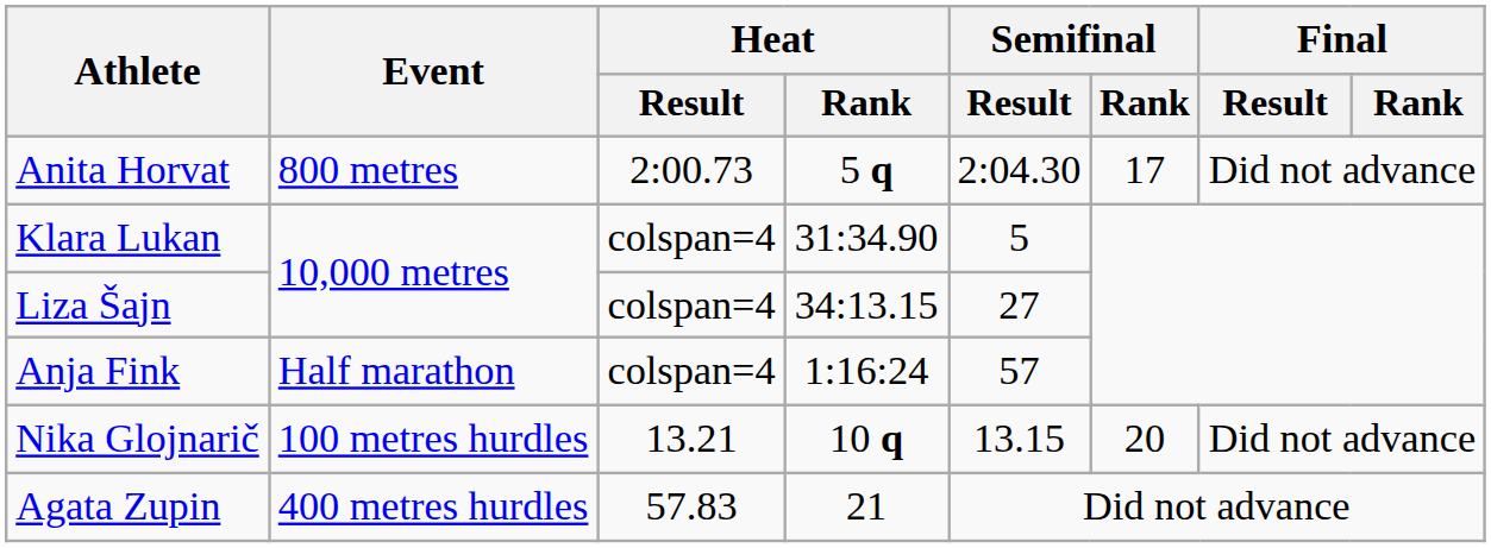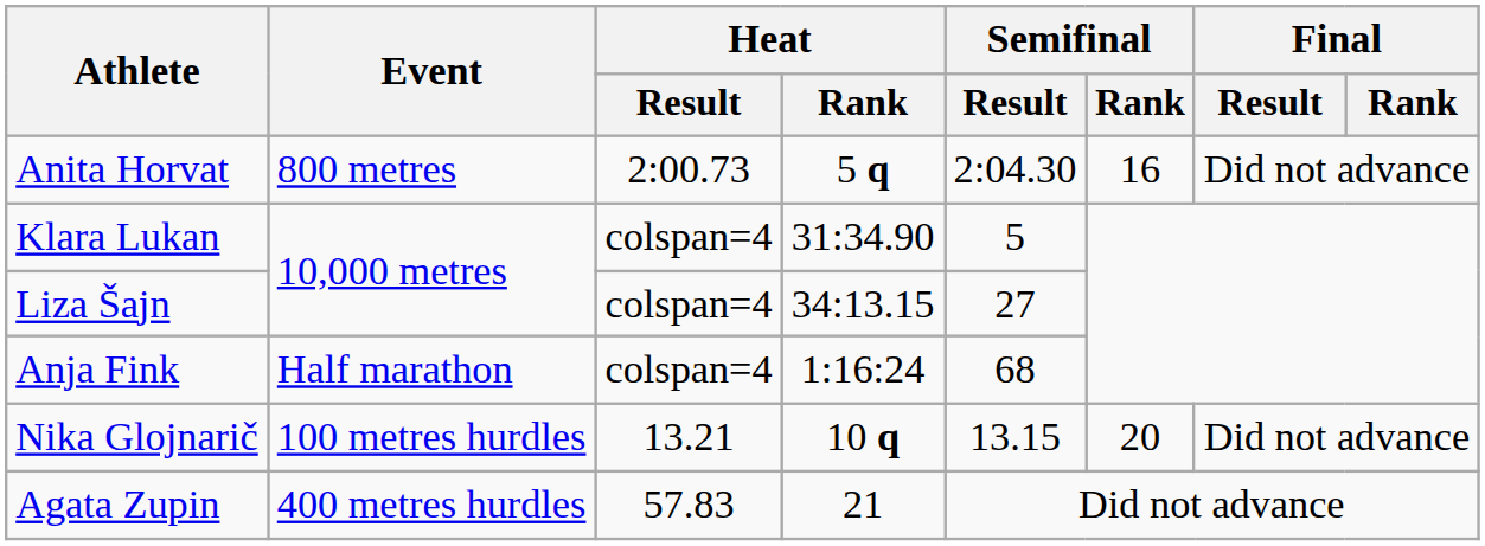 <table class=wikitable style=font-size:90%>
 <tr>
 <th rowspan=2>Athlete</th>
 <th rowspan=2>Event</th>
 <th colspan=2>Heat</th>
 <th colspan=2>Semifinal</th>
 <th colspan=2>Final</th>
 </tr>
 <tr style=font-size:95%>
 <th>Result</th>
 <th>Rank</th>
 <th>Result</th>
 <th>Rank</th>
 <th>Result</th>
 <th>Rank</th>
 </tr>
 <tr align=center>
 <td align=left><a href='#'>Anita Horvat</a></td>
 <td align=left><a href='#'>800 metres</a></td>
 <td>2:00.73</td>
 <td>5 <strong>q</strong></td>
 <td>2:04.30</td>
-<td>17</td>
+<td>16</td>
 <td colspan=2>Did not advance</td>
 </tr>
 <tr align=center>
 <td align=left><a href='#'>Klara Lukan</a></td>
 <td rowspan=2 align=left><a href='#'>10,000 metres</a></td>
 <td>colspan=4</td>
 <td>31:34.90</td>
 <td>5</td>
 </tr>
 <tr align=center>
 <td align=left><a href='#'>Liza Šajn</a></td>
 <td>colspan=4</td>
 <td>34:13.15</td>
 <td>27</td>
 </tr>
 <tr align=center>
 <td align=left><a href='#'>Anja Fink</a></td>
 <td align=left><a href='#'>Half marathon</a></td>
 <td>colspan=4</td>
 <td>1:16:24 </td>
-<td>57</td>
+<td>68</td>
 </tr>
 <tr align=center>
 <td align=left><a href='#'>Nika Glojnarič</a></td>
 <td align=left><a href='#'>100 metres hurdles</a></td>
 <td>13.21</td>
 <td>10 <strong>q</strong></td>
 <td>13.15</td>
 <td>20</td>
 <td colspan=2>Did not advance</td>
 </tr>
 <tr align=center>
 <td align=left><a href='#'>Agata Zupin</a></td>
 <td align=left><a href='#'>400 metres hurdles</a></td>
 <td>57.83</td>
 <td>21</td>
 <td colspan=4>Did not advance</td>
 </tr>
 </table>
